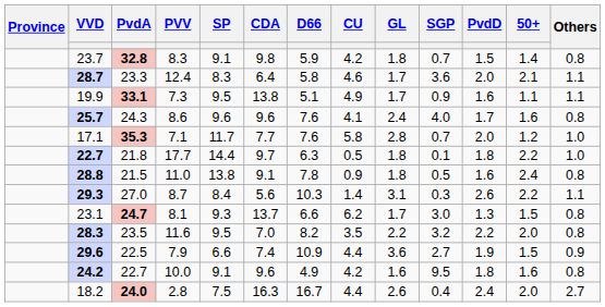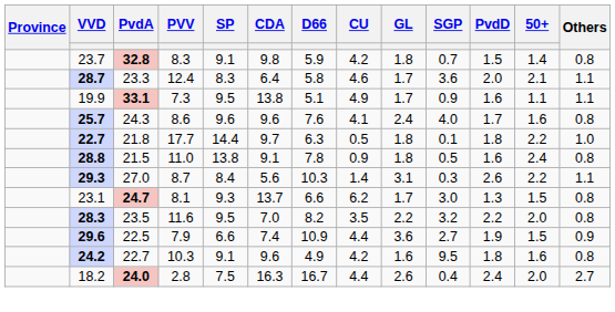 <table class="wikitable sortable" style="text-align:center;font-size:90%;line-height:14px">
 <tr style="height:40px;">
 <th rowspan="2"><a href='#'>Province</a></th>
 <th style="width:40px;"><a href='#'>VVD</a></th>
 <th style="width:40px;"><a href='#'>PvdA</a></th>
 <th style="width:40px;"><a href='#'>PVV</a></th>
 <th style="width:40px;"><a href='#'>SP</a></th>
 <th style="width:40px;"><a href='#'>CDA</a></th>
 <th style="width:40px;"><a href='#'>D66</a></th>
 <th style="width:40px;"><a href='#'>CU</a></th>
 <th style="width:40px;"><a href='#'>GL</a></th>
 <th style="width:40px;"><a href='#'>SGP</a></th>
 <th style="width:40px;"><a href='#'>PvdD</a></th>
 <th style="width:40px;"><a href='#'>50+</a></th>
 <th style="width:40px;" rowspan="2">Others</th>
 </tr>
 <tr>
 <th style="background:"></th>
 <th style="background:"></th>
 <th style="background:"></th>
 <th style="background:"></th>
 <th style="background:"></th>
 <th style="background:"></th>
 <th style="background:"></th>
 <th style="background:"></th>
 <th style="background:"></th>
 <th style="background:"></th>
 <th style="background:"></th>
 </tr>
 <tr>
 <td align="left"></td>
 <td>23.7</td>
 <td style="background:#F6C5C1;"><strong>32.8</strong></td>
 <td>8.3</td>
 <td>9.1</td>
 <td>9.8</td>
 <td>5.9</td>
 <td>4.2</td>
 <td>1.8</td>
 <td>0.7</td>
 <td>1.5</td>
 <td>1.4</td>
 <td>0.8</td>
 </tr>
 <tr>
 <td align="left"></td>
 <td style="background:#CED7FD;"><strong>28.7</strong></td>
 <td>23.3</td>
 <td>12.4</td>
 <td>8.3</td>
 <td>6.4</td>
 <td>5.8</td>
 <td>4.6</td>
 <td>1.7</td>
 <td>3.6</td>
 <td>2.0</td>
 <td>2.1</td>
 <td>1.1</td>
 </tr>
 <tr>
 <td align="left"></td>
 <td>19.9</td>
 <td style="background:#F6C5C1;"><strong>33.1</strong></td>
 <td>7.3</td>
 <td>9.5</td>
 <td>13.8</td>
 <td>5.1</td>
 <td>4.9</td>
 <td>1.7</td>
 <td>0.9</td>
 <td>1.6</td>
 <td>1.1</td>
 <td>1.1</td>
 </tr>
 <tr>
 <td align="left"></td>
 <td style="background:#CED7FD;"><strong>25.7</strong></td>
 <td>24.3</td>
 <td>8.6</td>
 <td>9.6</td>
 <td>9.6</td>
 <td>7.6</td>
 <td>4.1</td>
 <td>2.4</td>
 <td>4.0</td>
 <td>1.7</td>
 <td>1.6</td>
 <td>0.8</td>
-</tr>
-<tr>
-<td align="left"></td>
-<td>17.1</td>
-<td style="background:#F6C5C1;"><strong>35.3</strong></td>
-<td>7.1</td>
-<td>11.7</td>
-<td>7.7</td>
-<td>7.6</td>
-<td>5.8</td>
-<td>2.8</td>
-<td>0.7</td>
-<td>2.0</td>
-<td>1.2</td>
-<td>1.0</td>
 </tr>
 <tr>
 <td align="left"></td>
 <td style="background:#CED7FD;"><strong>22.7</strong></td>
 <td>21.8</td>
 <td>17.7</td>
 <td>14.4</td>
 <td>9.7</td>
 <td>6.3</td>
 <td>0.5</td>
 <td>1.8</td>
 <td>0.1</td>
 <td>1.8</td>
 <td>2.2</td>
 <td>1.0</td>
 </tr>
 <tr>
 <td align="left"></td>
 <td style="background:#CED7FD;"><strong>28.8</strong></td>
 <td>21.5</td>
 <td>11.0</td>
 <td>13.8</td>
 <td>9.1</td>
 <td>7.8</td>
 <td>0.9</td>
 <td>1.8</td>
 <td>0.5</td>
 <td>1.6</td>
 <td>2.4</td>
 <td>0.8</td>
 </tr>
 <tr>
 <td align="left"></td>
 <td style="background:#CED7FD;"><strong>29.3</strong></td>
 <td>27.0</td>
 <td>8.7</td>
 <td>8.4</td>
 <td>5.6</td>
 <td>10.3</td>
 <td>1.4</td>
 <td>3.1</td>
 <td>0.3</td>
 <td>2.6</td>
 <td>2.2</td>
 <td>1.1</td>
 </tr>
 <tr>
 <td align="left"></td>
 <td>23.1</td>
 <td style="background:#F6C5C1;"><strong>24.7</strong></td>
 <td>8.1</td>
 <td>9.3</td>
 <td>13.7</td>
 <td>6.6</td>
 <td>6.2</td>
 <td>1.7</td>
 <td>3.0</td>
 <td>1.3</td>
 <td>1.5</td>
 <td>0.8</td>
 </tr>
 <tr>
 <td align="left"></td>
 <td style="background:#CED7FD;"><strong>28.3</strong></td>
 <td>23.5</td>
 <td>11.6</td>
 <td>9.5</td>
 <td>7.0</td>
 <td>8.2</td>
 <td>3.5</td>
 <td>2.2</td>
 <td>3.2</td>
 <td>2.2</td>
 <td>2.0</td>
 <td>0.8</td>
 </tr>
 <tr>
 <td align="left"></td>
 <td style="background:#CED7FD;"><strong>29.6</strong></td>
 <td>22.5</td>
 <td>7.9</td>
 <td>6.6</td>
 <td>7.4</td>
 <td>10.9</td>
 <td>4.4</td>
 <td>3.6</td>
 <td>2.7</td>
 <td>1.9</td>
 <td>1.5</td>
 <td>0.9</td>
 </tr>
 <tr>
 <td align="left"></td>
 <td style="background:#CED7FD;"><strong>24.2</strong></td>
 <td>22.7</td>
-<td>10.0</td>
+<td>10.3</td>
 <td>9.1</td>
 <td>9.6</td>
 <td>4.9</td>
 <td>4.2</td>
 <td>1.6</td>
 <td>9.5</td>
 <td>1.8</td>
 <td>1.6</td>
 <td>0.8</td>
 </tr>
 <tr>
 <td align="left"><em></em></td>
 <td>18.2</td>
 <td style="background:#F6C5C1;"><strong>24.0</strong></td>
 <td>2.8</td>
 <td>7.5</td>
 <td>16.3</td>
 <td>16.7</td>
 <td>4.4</td>
 <td>2.6</td>
 <td>0.4</td>
 <td>2.4</td>
 <td>2.0</td>
 <td>2.7</td>
 </tr>
 </table>
